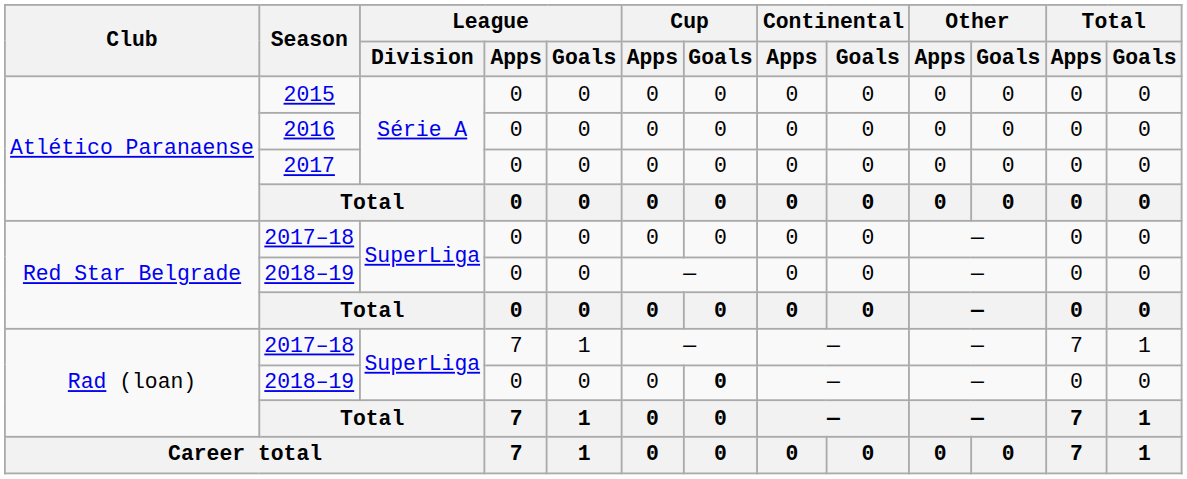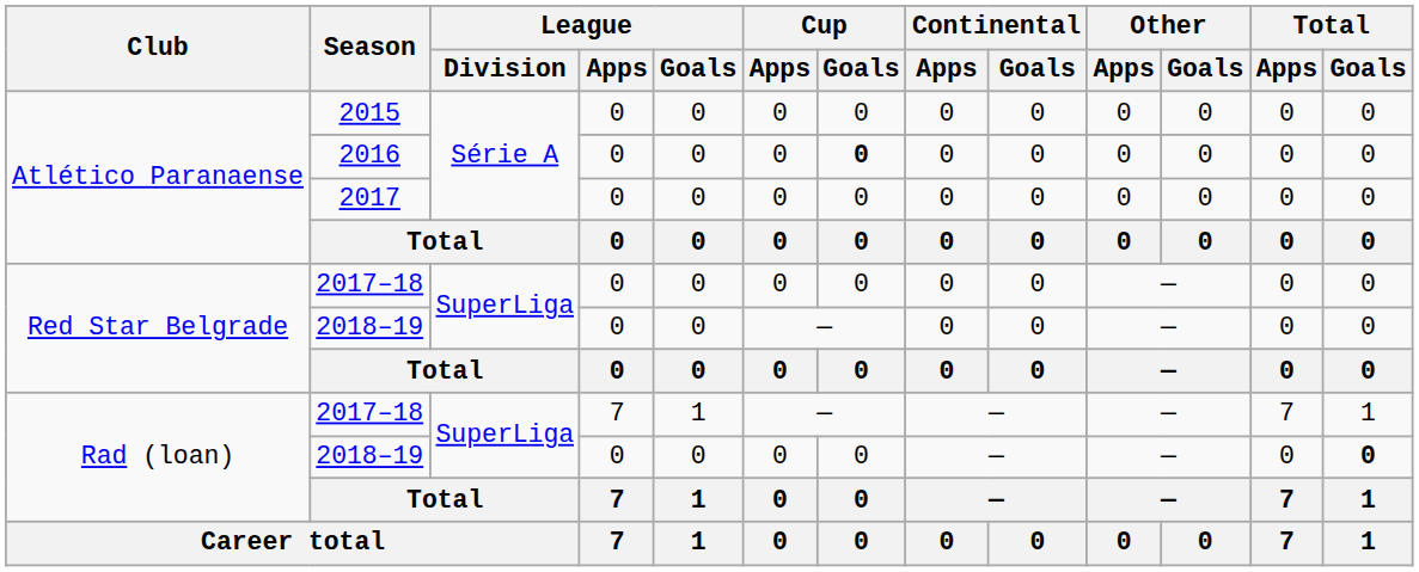 <table class="wikitable" style="text-align: center;font-size:90%">
 <tr>
 <th rowspan="2">Club</th>
 <th rowspan="2">Season</th>
 <th colspan="3">League</th>
 <th colspan="2">Cup</th>
 <th colspan="2">Continental</th>
 <th colspan="2">Other</th>
 <th colspan="2">Total</th>
 </tr>
 <tr>
 <th>Division</th>
 <th>Apps</th>
 <th>Goals</th>
 <th>Apps</th>
 <th>Goals</th>
 <th>Apps</th>
 <th>Goals</th>
 <th>Apps</th>
 <th>Goals</th>
 <th>Apps</th>
 <th>Goals</th>
 </tr>
 <tr>
 <td rowspan="4" valign="center"><a href='#'>Atlético Paranaense</a></td>
 <td><a href='#'>2015</a></td>
 <td rowspan=3><a href='#'>Série A</a></td>
 <td>0</td>
 <td>0</td>
 <td>0</td>
 <td>0</td>
 <td>0</td>
 <td>0</td>
 <td>0</td>
 <td>0</td>
 <td>0</td>
 <td>0</td>
 </tr>
 <tr>
 <td><a href='#'>2016</a></td>
 <td>0</td>
 <td>0</td>
 <td>0</td>
-<td>0</td>
+<td><strong>0</strong></td>
 <td>0</td>
 <td>0</td>
 <td>0</td>
 <td>0</td>
 <td>0</td>
 <td>0</td>
 </tr>
 <tr>
 <td><a href='#'>2017</a></td>
 <td>0</td>
 <td>0</td>
 <td>0</td>
 <td>0</td>
 <td>0</td>
 <td>0</td>
 <td>0</td>
 <td>0</td>
 <td>0</td>
 <td>0</td>
 </tr>
 <tr>
 <th colspan="2">Total</th>
 <th>0</th>
 <th>0</th>
 <th>0</th>
 <th>0</th>
 <th>0</th>
 <th>0</th>
 <th>0</th>
 <th>0</th>
 <th>0</th>
 <th>0</th>
 </tr>
 <tr>
 <td rowspan="3" valign="center"><a href='#'>Red Star Belgrade</a></td>
 <td><a href='#'>2017–18</a></td>
 <td rowspan=2><a href='#'>SuperLiga</a></td>
 <td>0</td>
 <td>0</td>
 <td>0</td>
 <td>0</td>
 <td>0</td>
 <td>0</td>
 <td colspan="2">—</td>
 <td>0</td>
 <td>0</td>
 </tr>
 <tr>
 <td><a href='#'>2018–19</a></td>
 <td>0</td>
 <td>0</td>
 <td colspan="2">—</td>
 <td>0</td>
 <td>0</td>
 <td colspan="2">—</td>
 <td>0</td>
 <td>0</td>
 </tr>
 <tr>
 <th colspan="2">Total</th>
 <th>0</th>
 <th>0</th>
 <th>0</th>
 <th>0</th>
 <th>0</th>
 <th>0</th>
 <th colspan="2">—</th>
 <th>0</th>
 <th>0</th>
 </tr>
 <tr>
 <td rowspan="3" valign="center"><a href='#'>Rad</a> (loan)</td>
 <td><a href='#'>2017–18</a></td>
 <td rowspan=2><a href='#'>SuperLiga</a></td>
 <td>7</td>
 <td>1</td>
 <td colspan="2">—</td>
 <td colspan="2">—</td>
 <td colspan="2">—</td>
 <td>7</td>
 <td>1</td>
 </tr>
 <tr>
 <td><a href='#'>2018–19</a></td>
 <td>0</td>
 <td>0</td>
 <td>0</td>
-<td><strong>0</strong></td>
+<td>0</td>
 <td colspan="2">—</td>
 <td colspan="2">—</td>
 <td>0</td>
-<td>0</td>
+<td><strong>0</strong></td>
 </tr>
 <tr>
 <th colspan="2">Total</th>
 <th>7</th>
 <th>1</th>
 <th>0</th>
 <th>0</th>
 <th colspan="2">—</th>
 <th colspan="2">—</th>
 <th>7</th>
 <th>1</th>
 </tr>
 <tr>
 <th colspan="3">Career total</th>
 <th>7</th>
 <th>1</th>
 <th>0</th>
 <th>0</th>
 <th>0</th>
 <th>0</th>
 <th>0</th>
 <th>0</th>
 <th>7</th>
 <th>1</th>
 </tr>
 </table>
